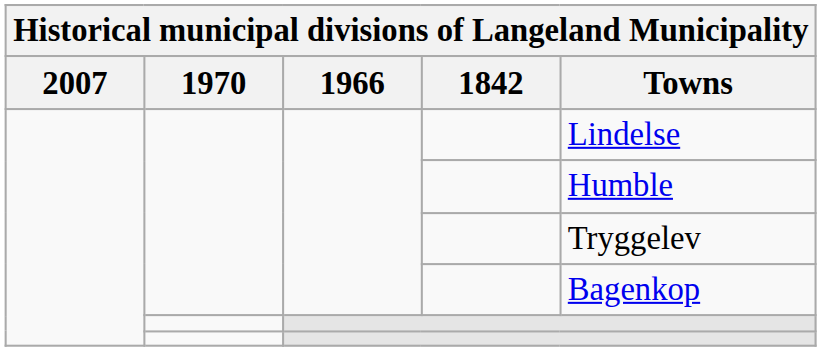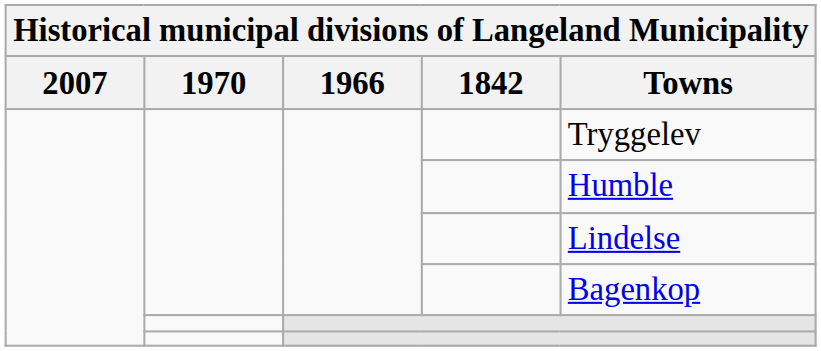 <table class="wikitable" style="margin-left:1em;" style="text-align: center">
 <tr>
 <th colspan="99">Historical municipal divisions of Langeland Municipality</th>
 </tr>
 <tr>
 <th>2007</th>
 <th>1970</th>
 <th>1966</th>
 <th>1842</th>
 <th>Towns</th>
 </tr>
 <tr>
 <td rowspan="99"></td>
 <td rowspan="4"></td>
 <td rowspan="4"></td>
 <td></td>
-<td><a href='#'>Lindelse</a></td>
+<td>Tryggelev</td>
 </tr>
 <tr>
 <td></td>
 <td><a href='#'>Humble</a></td>
 </tr>
 <tr>
 <td></td>
-<td>Tryggelev</td>
+<td><a href='#'>Lindelse</a></td>
 </tr>
 <tr>
 <td></td>
 <td><a href='#'>Bagenkop</a></td>
 </tr>
 <tr>
 <td></td>
 <td colspan="4" style="background:#E5E5E5;"></td>
 </tr>
 <tr>
 <td></td>
 <td colspan="4" style="background:#E5E5E5;"></td>
 </tr>
 </table>
